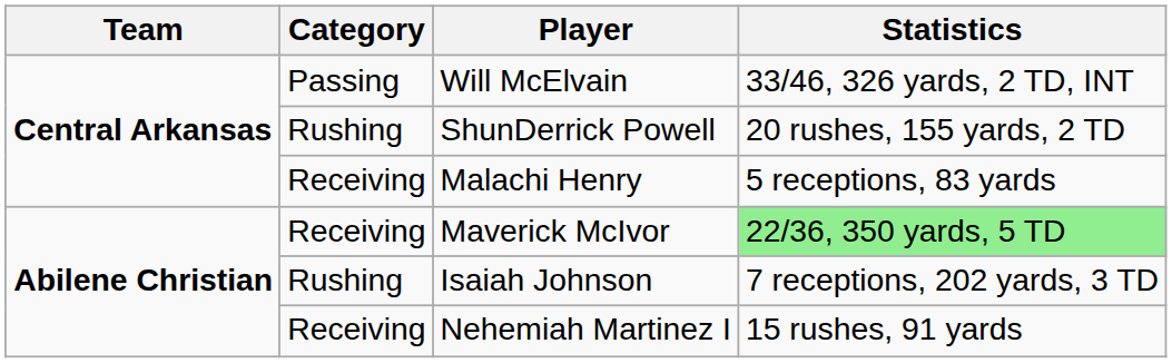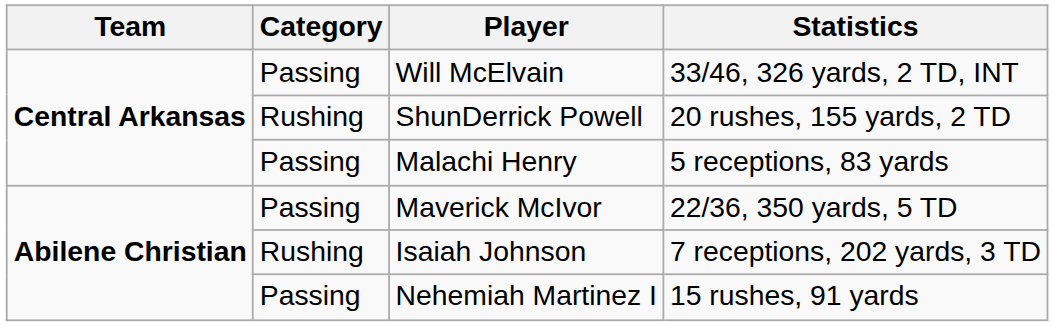 <table class="wikitable" style="float: right;">
 <tr>
 <th>Team</th>
 <th>Category</th>
 <th>Player</th>
 <th>Statistics</th>
 </tr>
 <tr>
 <td rowspan=3><strong>Central Arkansas</strong></td>
 <td>Passing</td>
 <td>Will McElvain</td>
 <td>33/46, 326 yards, 2 TD, INT</td>
 </tr>
 <tr>
 <td>Rushing</td>
 <td>ShunDerrick Powell</td>
 <td>20 rushes, 155 yards, 2 TD</td>
 </tr>
 <tr>
-<td>Receiving</td>
+<td>Passing</td>
 <td>Malachi Henry</td>
 <td>5 receptions, 83 yards</td>
 </tr>
 <tr>
 <td rowspan=3><strong>Abilene Christian</strong></td>
-<td>Receiving</td>
+<td>Passing</td>
 <td>Maverick McIvor</td>
-<td style="background: lightgreen;">22/36, 350 yards, 5 TD</td>
+<td>22/36, 350 yards, 5 TD</td>
 </tr>
 <tr>
 <td>Rushing</td>
 <td>Isaiah Johnson</td>
 <td>7 receptions, 202 yards, 3 TD</td>
 </tr>
 <tr>
-<td>Receiving</td>
+<td>Passing</td>
 <td>Nehemiah Martinez I</td>
 <td>15 rushes, 91 yards</td>
 </tr>
 </table>
